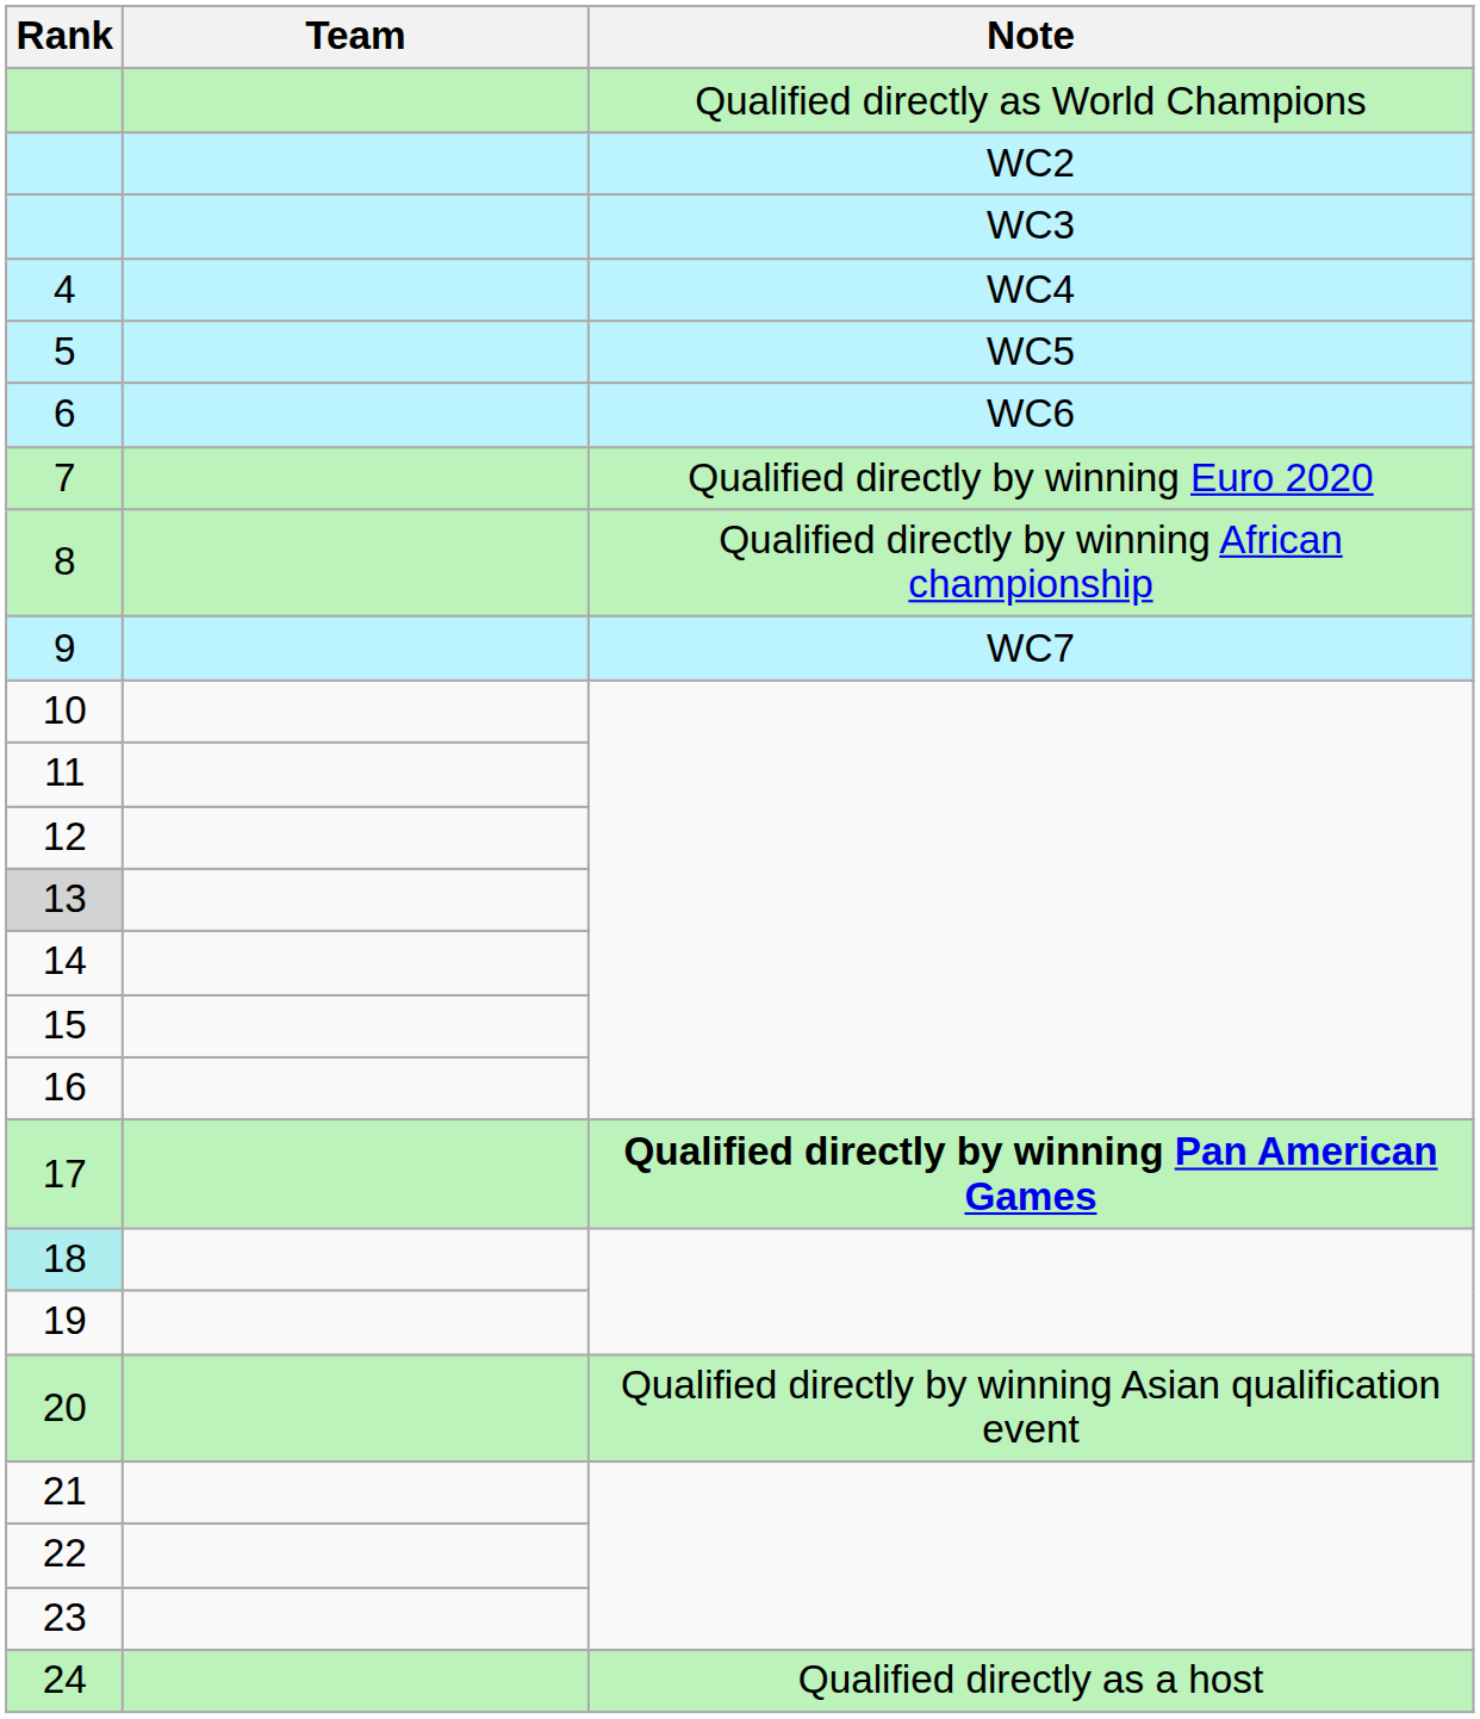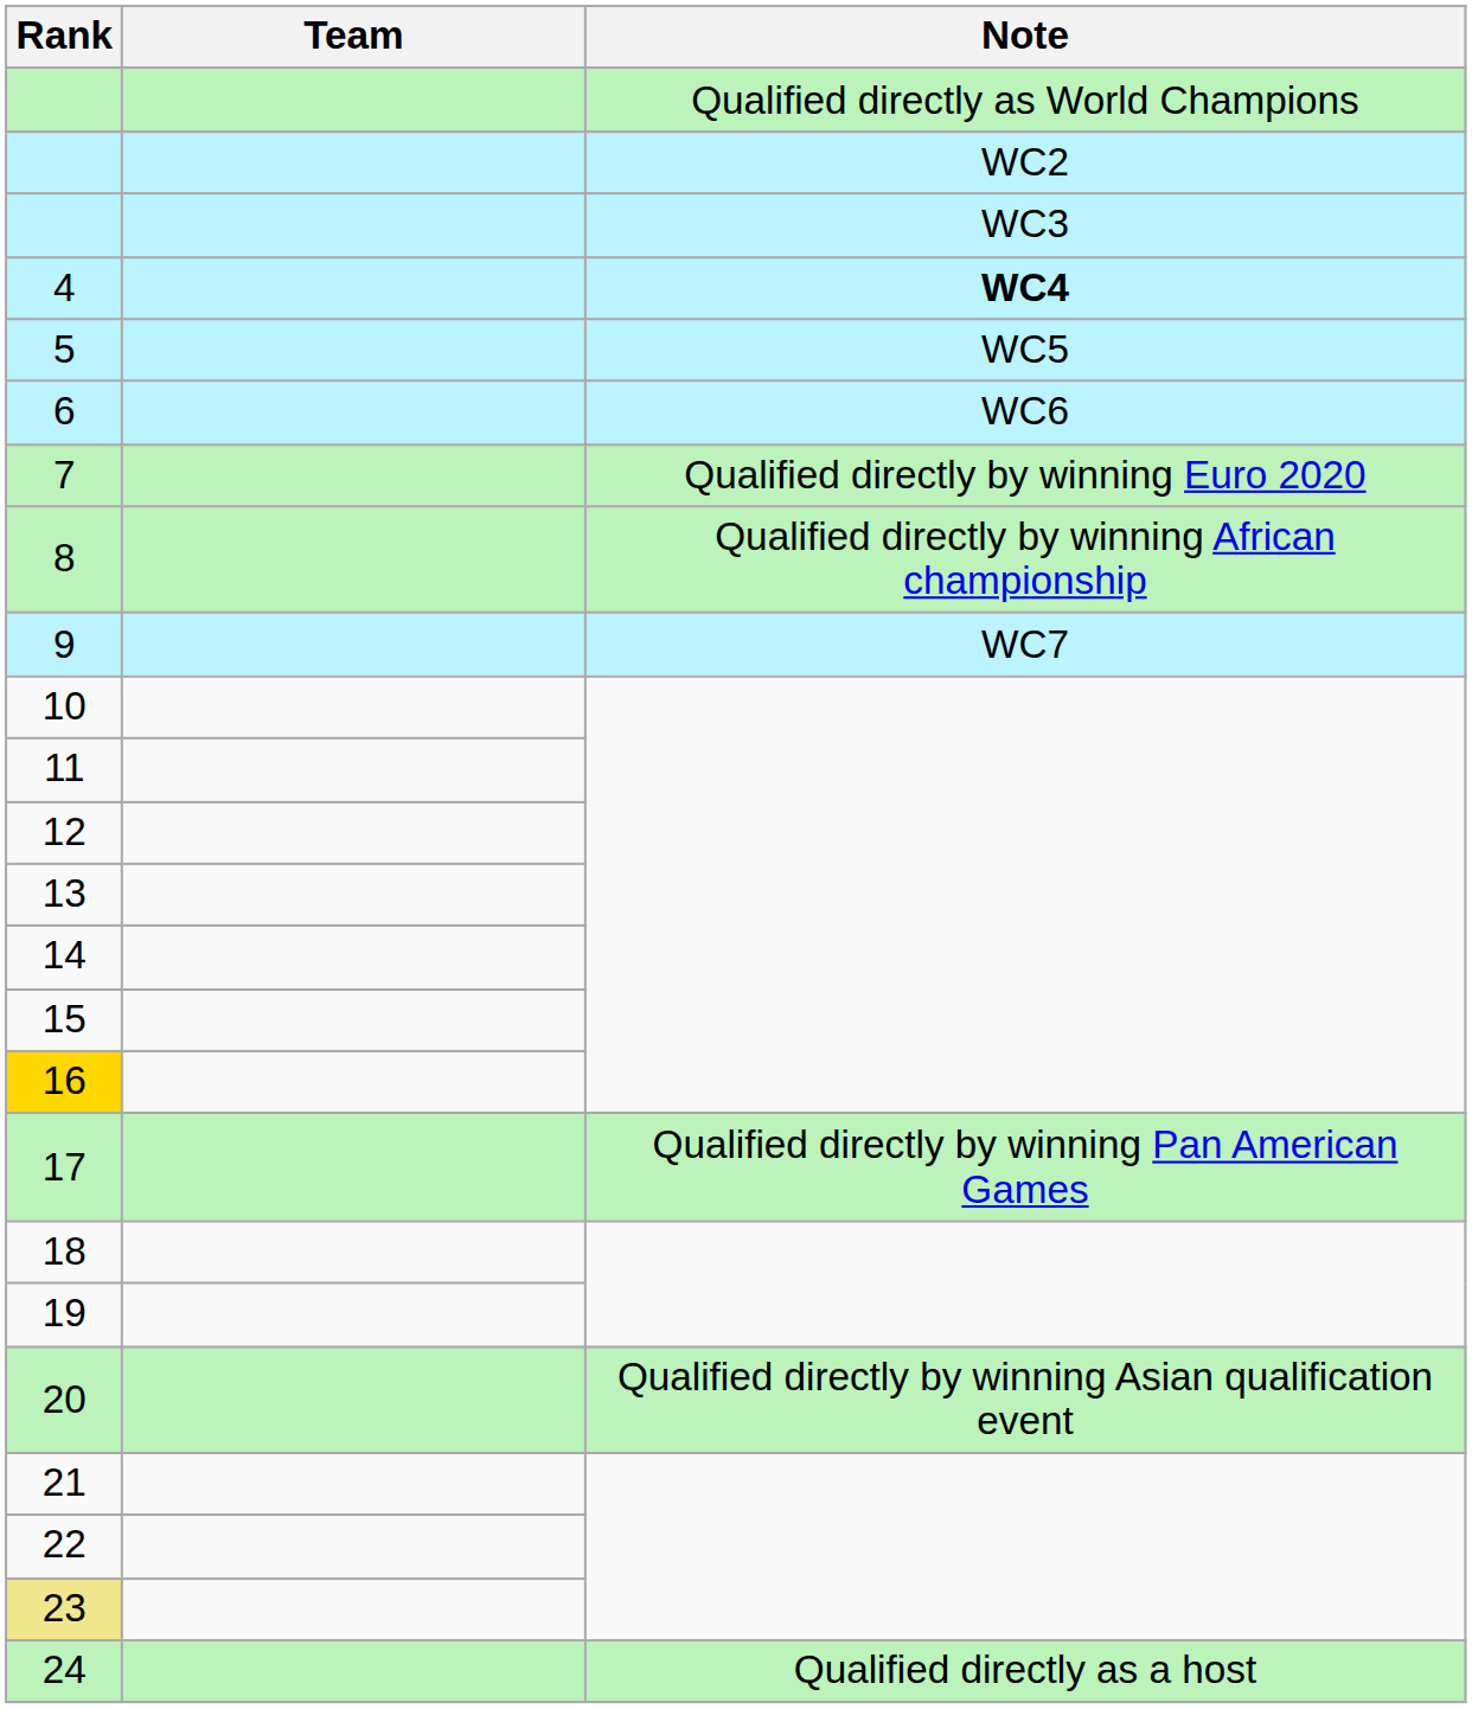 <table class="wikitable">
 <tr>
 <th style="width: 40px;">Rank</th>
 <th style="width: 180px;">Team</th>
 <th style="width: 350px;">Note</th>
 </tr>
 <tr bgcolor=#BBF3BB>
 <td style="text-align: center;"></td>
 <td></td>
 <td style="text-align: center;">Qualified directly as World Champions</td>
 </tr>
 <tr bgcolor=#BBF3FF>
 <td style="text-align: center;"></td>
 <td></td>
 <td style="text-align: center;">WC2</td>
 </tr>
 <tr bgcolor=#BBF3FF>
 <td style="text-align: center;"></td>
 <td></td>
 <td style="text-align: center;">WC3</td>
 </tr>
 <tr bgcolor=#BBF3FF>
 <td style="text-align: center;">4</td>
 <td></td>
-<td style="text-align: center;">WC4</td>
+<td style="text-align: center;"><strong>WC4</strong></td>
 </tr>
 <tr bgcolor=#BBF3FF>
 <td style="text-align: center;">5</td>
 <td></td>
 <td style="text-align: center;">WC5</td>
 </tr>
 <tr bgcolor=#BBF3FF>
 <td style="text-align: center;">6</td>
 <td></td>
 <td style="text-align: center;">WC6</td>
 </tr>
 <tr bgcolor=#BBF3BB>
 <td style="text-align: center;">7</td>
 <td></td>
 <td style="text-align: center;">Qualified directly by winning <a href='#'>Euro 2020</a></td>
 </tr>
 <tr bgcolor=#BBF3BB>
 <td style="text-align: center;">8</td>
 <td></td>
 <td style="text-align: center;">Qualified directly by winning  <a href='#'>African championship</a></td>
 </tr>
 <tr bgcolor=#BBF3FF>
 <td style="text-align: center;">9</td>
 <td></td>
 <td style="text-align: center;">WC7</td>
 </tr>
 <tr>
 <td style="text-align: center;">10</td>
 <td></td>
 </tr>
 <tr>
 <td style="text-align: center;">11</td>
 <td></td>
 </tr>
 <tr>
 <td style="text-align: center;">12</td>
 <td></td>
 </tr>
 <tr>
-<td style="background: lightgrey; text-align: center;">13</td>
+<td style="text-align: center;">13</td>
 <td></td>
 </tr>
 <tr>
 <td style="text-align: center;">14</td>
 <td></td>
 </tr>
 <tr>
 <td style="text-align: center;">15</td>
 <td></td>
 </tr>
 <tr>
-<td style="text-align: center;">16</td>
+<td style="background: gold; text-align: center;">16</td>
 <td></td>
 </tr>
 <tr bgcolor=#BBF3BB>
 <td style="text-align: center;">17</td>
 <td></td>
-<td style="text-align: center;"><strong>Qualified directly by winning <a href='#'>Pan American Games</a></strong></td>
+<td style="text-align: center;">Qualified directly by winning <a href='#'>Pan American Games</a></td>
 </tr>
 <tr>
-<td style="background: paleturquoise; text-align: center;">18</td>
+<td style="text-align: center;">18</td>
 <td></td>
 </tr>
 <tr>
 <td style="text-align: center;">19</td>
 <td></td>
 </tr>
 <tr bgcolor=#BBF3BB>
 <td style="text-align: center;">20</td>
 <td></td>
 <td style="text-align: center;">Qualified directly by winning Asian qualification event</td>
 </tr>
 <tr>
 <td style="text-align: center;">21</td>
 <td></td>
 </tr>
 <tr bgcolor=>
 <td style="text-align: center;">22</td>
 <td></td>
 </tr>
 <tr>
-<td style="text-align: center;">23</td>
+<td style="background: khaki; text-align: center;">23</td>
 <td></td>
 </tr>
 <tr bgcolor=#BBF3BB>
 <td style="text-align: center;">24</td>
 <td></td>
 <td style="text-align: center;">Qualified directly as a host</td>
 </tr>
 </table>
